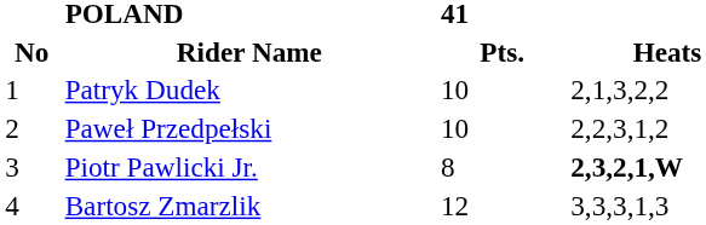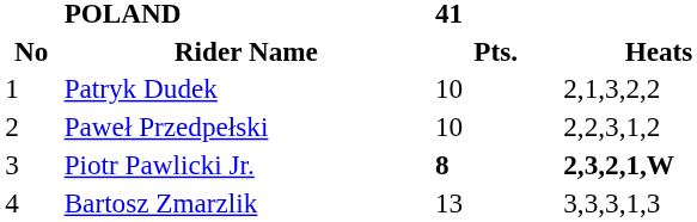 <table class="toccolours">
 <tr>
 <td></td>
 <td><strong>POLAND</strong></td>
 <td><strong>41</strong></td>
 </tr>
 <tr style="background-color:">
 <th width=30px>No</th>
 <th width=210px>Rider Name</th>
 <th width=70px>Pts.</th>
 <th width=110px>Heats</th>
 </tr>
 <tr style="background-color:">
 <td>1</td>
 <td><a href='#'>Patryk Dudek</a></td>
 <td>10</td>
 <td>2,1,3,2,2</td>
 </tr>
 <tr style="background-color:">
 <td>2</td>
 <td><a href='#'>Paweł Przedpełski</a></td>
 <td>10</td>
 <td>2,2,3,1,2</td>
 </tr>
 <tr style="background-color:">
 <td>3</td>
 <td><a href='#'>Piotr Pawlicki Jr.</a></td>
-<td>8</td>
+<td><strong>8</strong></td>
 <td><strong>2,3,2,1,W</strong></td>
 </tr>
 <tr style="background-color:">
 <td>4</td>
 <td><a href='#'>Bartosz Zmarzlik</a></td>
-<td>12</td>
+<td>13</td>
 <td>3,3,3,1,3</td>
 </tr>
 </table>
